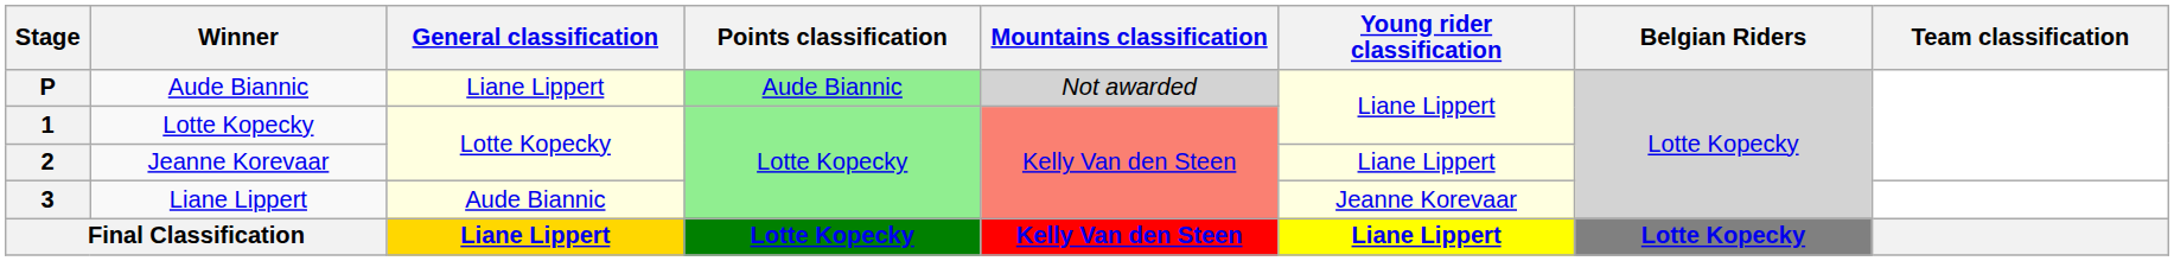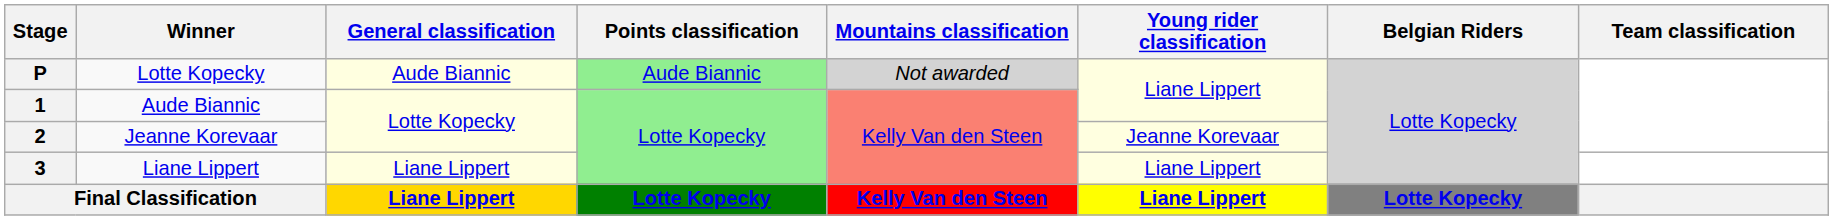 <table class="wikitable" style="text-align: center; font-size:86%;">
 <tr style="background-color: #efefef;">
 <th width="1%">Stage</th>
 <th width="10%">Winner</th>
 <th scope=col width="10%"><a href='#'>General classification</a> </th>
 <th scope=col width="10%">Points classification<br> </th>
 <th scope=col width="10%"><a href='#'>Mountains classification</a><br> </th>
 <th scope=col width="10%"><a href='#'>Young rider classification</a><br> </th>
 <th scope=col width="10%">Belgian Riders<br></th>
 <th scope=col width="10%" style="background:offwhite;">Team classification</th>
 </tr>
 <tr>
 <th>P</th>
-<td><a href='#'>Aude Biannic</a></td>
-<td style="background:lightyellow;"><a href='#'>Liane Lippert</a></td>
+<td><a href='#'>Lotte Kopecky</a></td>
+<td style="background:lightyellow;"><a href='#'>Aude Biannic</a></td>
 <td style="background:lightgreen;"><a href='#'>Aude Biannic</a></td>
 <td style="background:lightgrey;"><em>Not awarded</em></td>
 <td style="background:lightyellow;" rowspan=2><a href='#'>Liane Lippert</a></td>
 <td style="background:lightgrey;" rowspan=4><a href='#'>Lotte Kopecky</a></td>
 <td style="background:white;" rowspan=3></td>
 </tr>
 <tr>
 <th>1</th>
-<td><a href='#'>Lotte Kopecky</a></td>
+<td><a href='#'>Aude Biannic</a></td>
 <td style="background:lightyellow;" rowspan=2><a href='#'>Lotte Kopecky</a></td>
 <td style="background:lightgreen;" rowspan=3><a href='#'>Lotte Kopecky</a></td>
 <td style="background:salmon;" rowspan=3><a href='#'>Kelly Van den Steen</a></td>
 </tr>
 <tr>
 <th>2</th>
 <td><a href='#'>Jeanne Korevaar</a></td>
-<td style="background:lightyellow;"><a href='#'>Liane Lippert</a></td>
+<td style="background:lightyellow;"><a href='#'>Jeanne Korevaar</a></td>
 </tr>
 <tr>
 <th>3</th>
 <td><a href='#'>Liane Lippert</a></td>
-<td style="background:lightyellow;"><a href='#'>Aude Biannic</a></td>
-<td style="background:lightyellow;"><a href='#'>Jeanne Korevaar</a></td>
+<td style="background:lightyellow;"><a href='#'>Liane Lippert</a></td>
+<td style="background:lightyellow;"><a href='#'>Liane Lippert</a></td>
 <td style="background:white;" rowspan=1></td>
 </tr>
 <tr>
 <th colspan="2"><strong>Final Classification</strong></th>
 <th style="background:gold;"><a href='#'>Liane Lippert</a></th>
 <th style="background:green;"><a href='#'>Lotte Kopecky</a></th>
 <th style="background:red;"><a href='#'>Kelly Van den Steen</a></th>
 <th style="background:yellow;"><a href='#'>Liane Lippert</a></th>
 <th style="background:gray;"><a href='#'>Lotte Kopecky</a></th>
 <th style="background:offwhite;"></th>
 </tr>
 </table>
